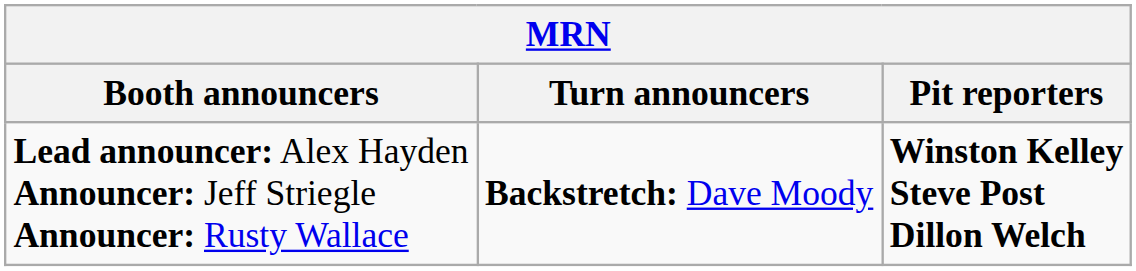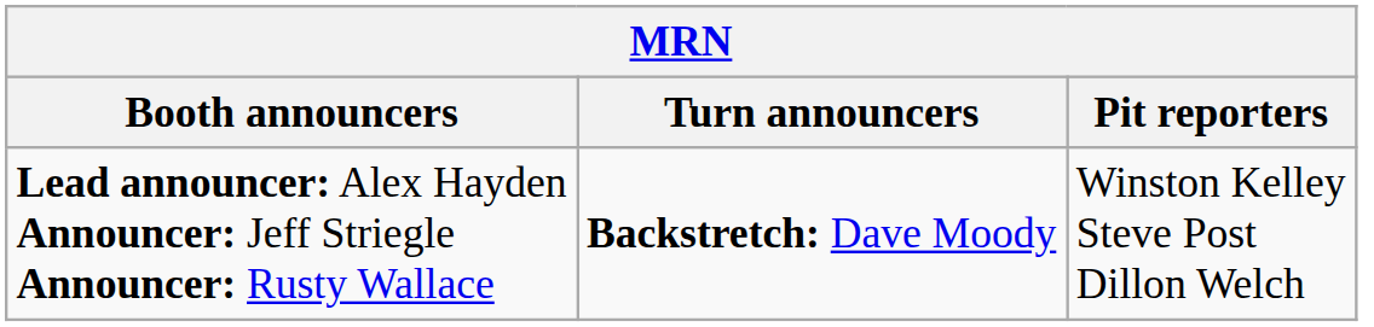 <table class="wikitable" style="font-size: 95%">
 <tr>
 <th colspan="3"><a href='#'>MRN</a></th>
 </tr>
 <tr>
 <th>Booth announcers</th>
 <th>Turn announcers</th>
 <th>Pit reporters</th>
 </tr>
 <tr>
 <td><strong>Lead announcer:</strong> Alex Hayden<br><strong>Announcer:</strong> Jeff Striegle<br><strong>Announcer:</strong> <a href='#'>Rusty Wallace</a></td>
 <td><strong>Backstretch:</strong> <a href='#'>Dave Moody</a></td>
-<td><strong>Winston Kelley<br>Steve Post<br>Dillon Welch</strong></td>
+<td>Winston Kelley<br>Steve Post<br>Dillon Welch</td>
 </tr>
 </table>
